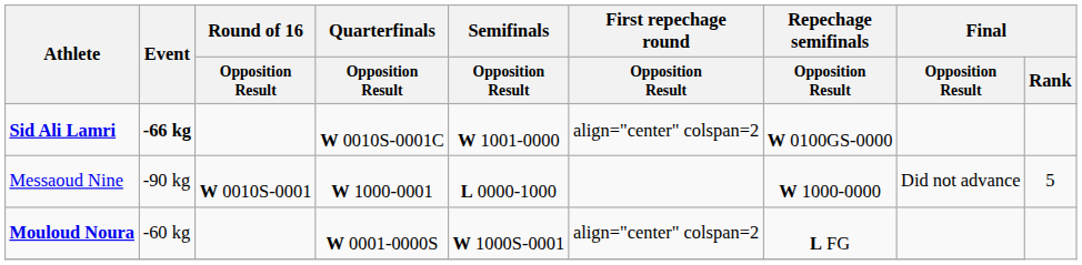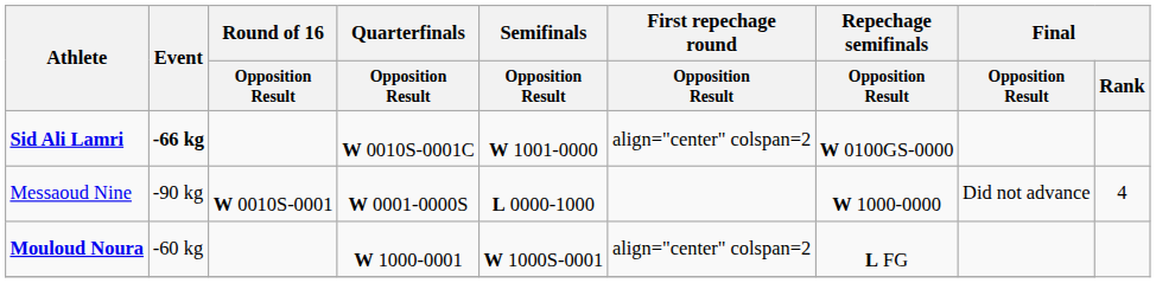 <table class="wikitable" style="font-size:90%">
 <tr>
 <th rowspan="2">Athlete</th>
 <th rowspan="2">Event</th>
 <th>Round of 16</th>
 <th>Quarterfinals</th>
 <th>Semifinals</th>
 <th>First repechage <br>round</th>
 <th>Repechage <br>semifinals</th>
 <th colspan="2">Final</th>
 </tr>
 <tr>
 <th style="line-height:1em"><small>Opposition<br>Result</small></th>
 <th style="line-height:1em"><small>Opposition<br>Result</small></th>
 <th style="line-height:1em"><small>Opposition<br>Result</small></th>
 <th style="line-height:1em"><small>Opposition<br>Result</small></th>
 <th style="line-height:1em"><small>Opposition<br>Result</small></th>
 <th style="line-height:1em"><small>Opposition<br>Result</small></th>
 <th style="line-height:1em">Rank</th>
 </tr>
 <tr>
 <td><strong><a href='#'>Sid Ali Lamri</a></strong></td>
 <td><strong>-66 kg</strong></td>
 <td></td>
 <td align=center><br><strong>W</strong> 0010S-0001C</td>
 <td align=center><br><strong>W</strong> 1001-0000</td>
 <td>align="center" colspan=2 </td>
 <td align=center><br><strong>W</strong> 0100GS-0000</td>
 <td align=center></td>
 </tr>
 <tr>
 <td><a href='#'>Messaoud Nine</a></td>
 <td>-90 kg</td>
 <td align=center><br><strong>W</strong> 0010S-0001</td>
-<td align=center><br><strong>W</strong> 1000-0001</td>
+<td align=center><br><strong>W</strong> 0001-0000S</td>
 <td align=center><br><strong>L</strong> 0000-1000</td>
 <td></td>
 <td align=center><br><strong>W</strong> 1000-0000</td>
 <td align=center>Did not advance</td>
-<td align=center>5</td>
+<td align=center>4</td>
 </tr>
 <tr>
 <td><strong><a href='#'>Mouloud Noura</a></strong></td>
 <td>-60 kg</td>
 <td></td>
-<td align=center><br><strong>W</strong> 0001-0000S</td>
+<td align=center><br><strong>W</strong> 1000-0001</td>
 <td align=center><br><strong>W</strong> 1000S-0001</td>
 <td>align="center" colspan=2 </td>
 <td align=center><br><strong>L</strong> FG</td>
 <td align=center></td>
 </tr>
 <tr>
 </tr>
 </table>
